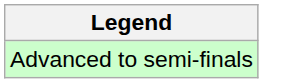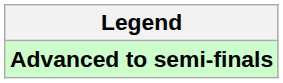 <table class="wikitable">
 <tr>
 <th>Legend</th>
 </tr>
 <tr bgcolor=#ccffcc>
-<td>Advanced to semi-finals</td>
+<td><strong>Advanced to semi-finals</strong></td>
 </tr>
 </table>
